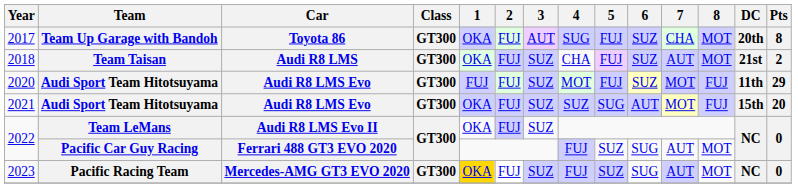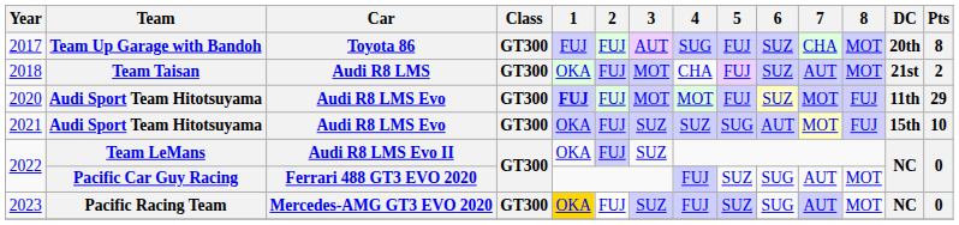 <table class="wikitable" style="text-align:center; font-size:90%">
 <tr>
 <th>Year</th>
 <th>Team</th>
 <th>Car</th>
 <th>Class</th>
 <th>1</th>
 <th>2</th>
 <th>3</th>
 <th>4</th>
 <th>5</th>
 <th>6</th>
 <th>7</th>
 <th>8</th>
 <th>DC</th>
 <th>Pts</th>
 </tr>
 <tr>
 <td><a href='#'>2017</a></td>
 <th><a href='#'>Team Up Garage with Bandoh</a></th>
 <th><a href='#'>Toyota 86</a></th>
 <th>GT300</th>
-<td style="background:#CFCFFF;"><a href='#'>OKA</a><br></td>
+<td style="background:#cfcfff;"><a href='#'>FUJ</a><br></td>
 <td style="background:#DFFFDF;"><a href='#'>FUJ</a><br></td>
 <td style="background:#EFCFFF;"><a href='#'>AUT</a><br></td>
 <td style="background:#CFCFFF;"><a href='#'>SUG</a><br></td>
 <td style="background:#CFCFFF;"><a href='#'>FUJ</a><br></td>
 <td style="background:#CFCFFF;"><a href='#'>SUZ</a><br></td>
 <td style="background:#DFFFDF;"><a href='#'>CHA</a><br></td>
 <td style="background:#CFCFFF;"><a href='#'>MOT</a><br></td>
 <th>20th</th>
 <th>8</th>
 </tr>
 <tr>
 <td><a href='#'>2018</a></td>
 <th><a href='#'>Team Taisan</a></th>
 <th><a href='#'>Audi R8 LMS</a></th>
 <th>GT300</th>
 <td style="background:#DFFFDF;"><a href='#'>OKA</a><br></td>
 <td style="background:#CFCFFF;"><a href='#'>FUJ</a><br></td>
-<td style="background:#CFCFFF;"><a href='#'>SUZ</a><br></td>
+<td style="background:#CFCFFF;"><a href='#'>MOT</a><br></td>
 <td style="background:#;"><a href='#'>CHA</a><br></td>
 <td style="background:#EFCFFF;"><a href='#'>FUJ</a><br></td>
 <td style="background:#CFCFFF;"><a href='#'>SUZ</a><br></td>
 <td style="background:#CFCFFF;"><a href='#'>AUT</a><br></td>
 <td style="background:#CFCFFF;"><a href='#'>MOT</a><br></td>
 <th>21st</th>
 <th>2</th>
 </tr>
 <tr>
 <td><a href='#'>2020</a></td>
 <th><a href='#'>Audi Sport</a> Team Hitotsuyama</th>
 <th><a href='#'>Audi R8 LMS Evo</a></th>
 <th>GT300</th>
-<td style="background:#cfcfff;"><a href='#'>FUJ</a><br></td>
+<td style="background:#cfcfff;"><strong><a href='#'>FUJ</a><br></strong></td>
 <td style="background:#dfffdf;"><a href='#'>FUJ</a><br></td>
-<td style="background:#cfcfff;"><a href='#'>SUZ</a><br></td>
+<td style="background:#CFCFFF;"><a href='#'>MOT</a><br></td>
 <td style="background:#dfffdf;"><a href='#'>MOT</a><br></td>
 <td style="background:#cfcfff;"><a href='#'>FUJ</a><br></td>
 <td style="background:#ffffbf;"><a href='#'>SUZ</a><br></td>
 <td style="background:#cfcfff;"><a href='#'>MOT</a><br></td>
 <td style="background:#cfcfff;"><a href='#'>FUJ</a><br></td>
 <th>11th</th>
 <th>29</th>
 </tr>
 <tr>
 <td><a href='#'>2021</a></td>
 <th><a href='#'>Audi Sport</a> Team Hitotsuyama</th>
 <th><a href='#'>Audi R8 LMS Evo</a></th>
 <th>GT300</th>
 <td style="background:#CFCFFF;"><a href='#'>OKA</a><br></td>
 <td style="background:#CFCFFF;"><a href='#'>FUJ</a><br></td>
 <td style="background:#CFCFFF;"><a href='#'>SUZ</a><br></td>
 <td style="background:#CFCFFF;"><a href='#'>SUZ</a><br></td>
 <td style="background:#CFCFFF;"><a href='#'>SUG</a><br></td>
 <td style="background:#CFCFFF;"><a href='#'>AUT</a><br></td>
 <td style="background:#FFFFBF;"><a href='#'>MOT</a><br></td>
 <td style="background:#CFCFFF;"><a href='#'>FUJ</a><br></td>
 <th>15th</th>
-<th>20</th>
+<th>10</th>
 </tr>
 <tr>
 <td rowspan="2"><a href='#'>2022</a></td>
 <th nowrap><a href='#'>Team LeMans</a></th>
 <th nowrap><a href='#'>Audi R8 LMS Evo II</a></th>
 <th rowspan="2">GT300</th>
 <td><a href='#'>OKA</a></td>
 <td style="background:#CFCFFF"><a href='#'>FUJ</a><br></td>
 <td style="background:#"><a href='#'>SUZ</a><br></td>
 <td colspan="5"></td>
 <th rowspan="2">NC</th>
 <th rowspan="2">0</th>
 </tr>
 <tr>
 <th><a href='#'>Pacific Car Guy Racing</a></th>
 <th><a href='#'>Ferrari 488 GT3 EVO 2020</a></th>
 <td colspan="3"></td>
 <td style="background:#CFCFFF"><a href='#'>FUJ</a><br></td>
 <td style="background:#"><a href='#'>SUZ</a><br></td>
 <td style="background:#"><a href='#'>SUG</a><br></td>
 <td style="background:#"><a href='#'>AUT</a><br></td>
 <td style="background:#"><a href='#'>MOT</a><br></td>
 </tr>
 <tr>
 <td><a href='#'>2023</a></td>
 <th>Pacific Racing Team</th>
 <th><a href='#'>Mercedes-AMG GT3 EVO 2020</a></th>
 <th>GT300</th>
 <td style="background: gold;"><a href='#'>OKA</a></td>
 <td style="background:#FFFFFF;"><a href='#'>FUJ</a><br></td>
 <td style="background:#CFCFFF;"><a href='#'>SUZ</a><br></td>
 <td style="background:#CFCFFF;"><a href='#'>FUJ</a><br></td>
 <td style="background:#CFCFFF;"><a href='#'>SUZ</a><br></td>
 <td><a href='#'>SUG</a></td>
 <td style="background:#CFCFFF;"><a href='#'>AUT</a><br></td>
 <td style="background:#;"><a href='#'>MOT</a><br></td>
 <th>NC</th>
 <th>0</th>
 </tr>
 <tr>
 </tr>
 </table>
